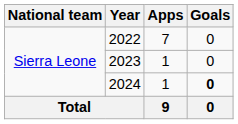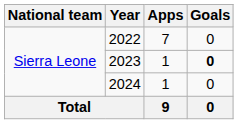 <table class=wikitable style=text-align:center>
 <tr>
 <th>National team</th>
 <th>Year</th>
 <th>Apps</th>
 <th>Goals</th>
 </tr>
 <tr>
 <td rowspan="3"><a href='#'>Sierra Leone</a></td>
 <td>2022</td>
 <td>7</td>
 <td>0</td>
 </tr>
 <tr>
 <td>2023</td>
 <td>1</td>
-<td>0</td>
+<td><strong>0</strong></td>
 </tr>
 <tr>
 <td>2024</td>
 <td>1</td>
-<td><strong>0</strong></td>
+<td>0</td>
 </tr>
 <tr>
 <th colspan="2">Total</th>
 <th>9</th>
 <th>0</th>
 </tr>
 </table>
